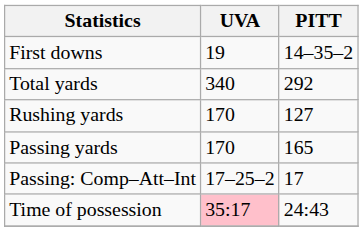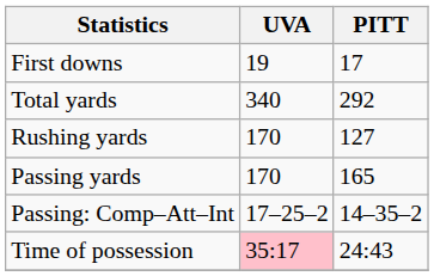 <table class="wikitable" style="float: left;">
 <tr>
 <th>Statistics</th>
 <th>UVA</th>
 <th>PITT</th>
 </tr>
 <tr>
 <td>First downs</td>
 <td>19</td>
-<td>14–35–2</td>
+<td>17</td>
 </tr>
 <tr>
 <td>Total yards</td>
 <td>340</td>
 <td>292</td>
 </tr>
 <tr>
 <td>Rushing yards</td>
 <td>170</td>
 <td>127</td>
 </tr>
 <tr>
 <td>Passing yards</td>
 <td>170</td>
 <td>165</td>
 </tr>
 <tr>
 <td>Passing: Comp–Att–Int</td>
 <td>17–25–2</td>
-<td>17</td>
+<td>14–35–2</td>
 </tr>
 <tr>
 <td>Time of possession</td>
 <td style="background: pink;">35:17</td>
 <td>24:43</td>
 </tr>
 <tr>
 </tr>
 </table>
